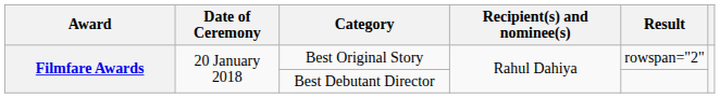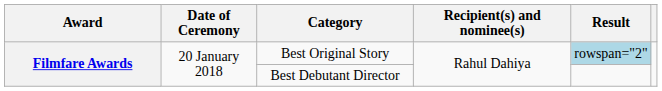 <table style="width:85%;" class="wikitable plainrowheaders sortable">
 <tr>
 <th style="width:25%;">Award</th>
 <th style="width:15%;">Date of Ceremony</th>
 <th style="width:25%;">Category</th>
 <th style="width:25%;">Recipient(s) and nominee(s)</th>
 <th style="width:10%;">Result</th>
 <th scope="col" class="unsortable"></th>
 </tr>
 <tr>
 <th style="text-align:center;" rowspan="2"><a href='#'>Filmfare Awards</a></th>
 <td style="text-align:center;" rowspan="2">20 January 2018</td>
 <td style="text-align:center;">Best Original Story</td>
 <td style="text-align:center;" rowspan="2">Rahul Dahiya</td>
-<td>rowspan="2" </td>
+<td style="background: lightblue;">rowspan="2" </td>
 <td style="text-align:center;" rowspan="2"></td>
 </tr>
 <tr>
 <td style="text-align:center;">Best Debutant Director</td>
 </tr>
 </table>
